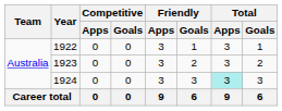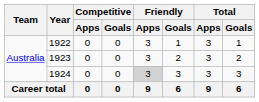 <table class="wikitable" style="text-align:center">
 <tr>
 <th rowspan=2>Team</th>
 <th rowspan=2>Year</th>
 <th colspan=2>Competitive</th>
 <th colspan=2>Friendly</th>
 <th colspan=2>Total</th>
 </tr>
 <tr>
 <th>Apps</th>
 <th>Goals</th>
 <th>Apps</th>
 <th>Goals</th>
 <th>Apps</th>
 <th>Goals</th>
 </tr>
 <tr>
 <td rowspan="3"><a href='#'>Australia</a></td>
 <td>1922</td>
 <td>0</td>
 <td>0</td>
 <td>3</td>
 <td>1</td>
 <td>3</td>
 <td>1</td>
 </tr>
 <tr>
 <td>1923</td>
 <td>0</td>
 <td>0</td>
 <td>3</td>
 <td>2</td>
 <td>3</td>
 <td>2</td>
 </tr>
 <tr>
 <td>1924</td>
 <td>0</td>
 <td>0</td>
+<td style="background: lightgrey;">3</td>
 <td>3</td>
 <td>3</td>
-<td style="background: paleturquoise;">3</td>
 <td>3</td>
 </tr>
 <tr>
 <th colspan=2>Career total</th>
 <th>0</th>
 <th>0</th>
 <th>9</th>
 <th>6</th>
 <th>9</th>
 <th>6</th>
 </tr>
 </table>
